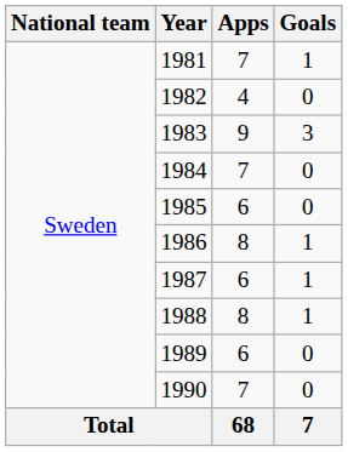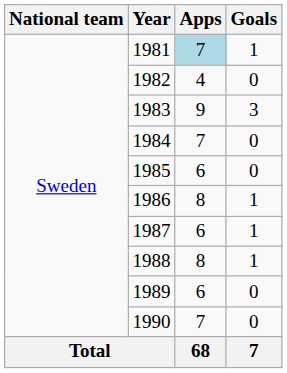 <table class="wikitable" style="text-align:center">
 <tr>
 <th>National team</th>
 <th>Year</th>
 <th>Apps</th>
 <th>Goals</th>
 </tr>
 <tr>
 <td rowspan="10"><a href='#'>Sweden</a></td>
 <td>1981</td>
-<td>7</td>
+<td style="background: lightblue;">7</td>
 <td>1</td>
 </tr>
 <tr>
 <td>1982</td>
 <td>4</td>
 <td>0</td>
 </tr>
 <tr>
 <td>1983</td>
 <td>9</td>
 <td>3</td>
 </tr>
 <tr>
 <td>1984</td>
 <td>7</td>
 <td>0</td>
 </tr>
 <tr>
 <td>1985</td>
 <td>6</td>
 <td>0</td>
 </tr>
 <tr>
 <td>1986</td>
 <td>8</td>
 <td>1</td>
 </tr>
 <tr>
 <td>1987</td>
 <td>6</td>
 <td>1</td>
 </tr>
 <tr>
 <td>1988</td>
 <td>8</td>
 <td>1</td>
 </tr>
 <tr>
 <td>1989</td>
 <td>6</td>
 <td>0</td>
 </tr>
 <tr>
 <td>1990</td>
 <td>7</td>
 <td>0</td>
 </tr>
 <tr>
 <th colspan="2">Total</th>
 <th>68</th>
 <th>7</th>
 </tr>
 </table>
